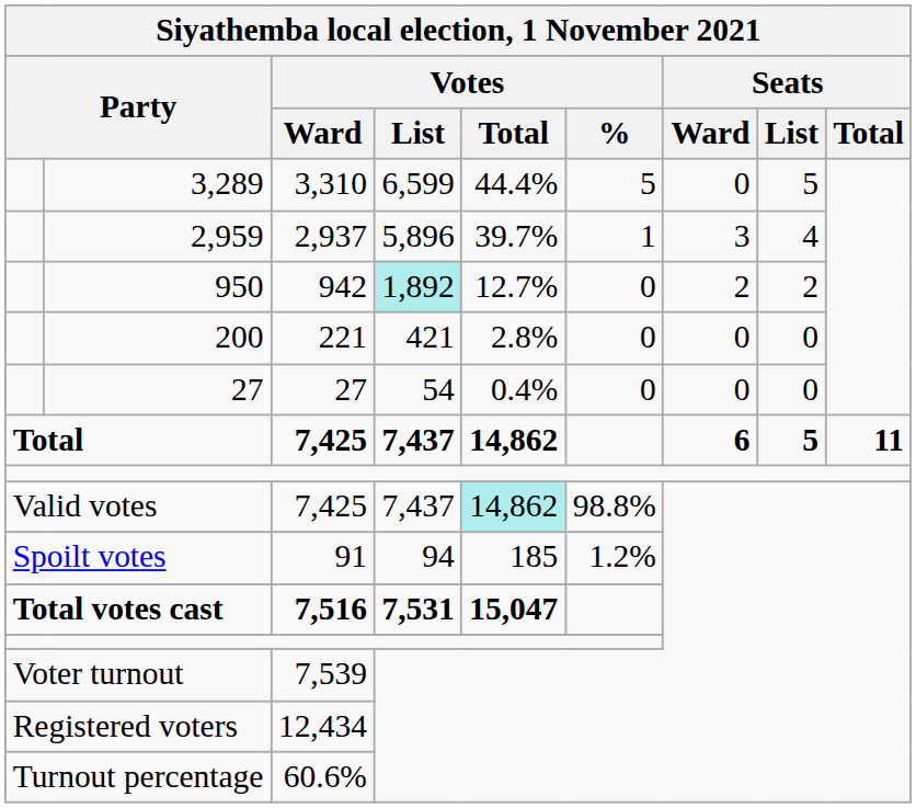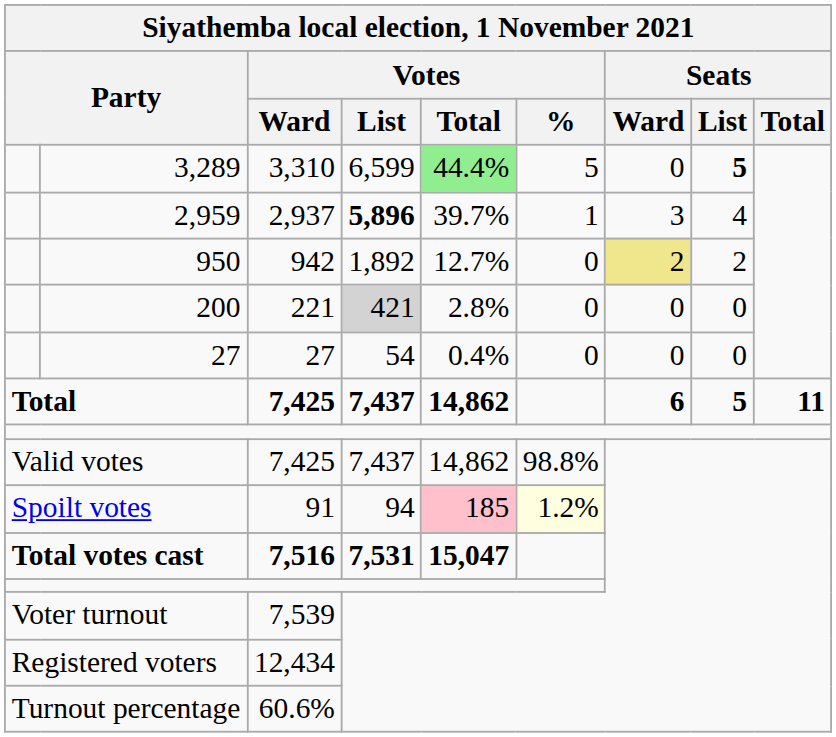 <table class=wikitable style="text-align:right">
 <tr>
 <th colspan="9" align="center">Siyathemba local election, 1 November 2021</th>
 </tr>
 <tr>
 <th rowspan="2" colspan="2">Party</th>
 <th colspan="4" align="center">Votes</th>
 <th colspan="3" align="center">Seats</th>
 </tr>
 <tr>
 <th>Ward</th>
 <th>List</th>
 <th>Total</th>
 <th>%</th>
 <th>Ward</th>
 <th>List</th>
 <th>Total</th>
 </tr>
 <tr>
 <td></td>
 <td>3,289</td>
 <td>3,310</td>
 <td>6,599</td>
-<td>44.4%</td>
+<td style="background: lightgreen;">44.4%</td>
 <td>5</td>
 <td>0</td>
-<td>5</td>
+<td><strong>5</strong></td>
 </tr>
 <tr>
 <td></td>
 <td>2,959</td>
 <td>2,937</td>
-<td>5,896</td>
+<td><strong>5,896</strong></td>
 <td>39.7%</td>
 <td>1</td>
 <td>3</td>
 <td>4</td>
 </tr>
 <tr>
 <td></td>
 <td>950</td>
 <td>942</td>
-<td style="background: paleturquoise;">1,892</td>
+<td>1,892</td>
 <td>12.7%</td>
 <td>0</td>
-<td>2</td>
+<td style="background: khaki;">2</td>
 <td>2</td>
 </tr>
 <tr>
 <td></td>
 <td>200</td>
 <td>221</td>
-<td>421</td>
+<td style="background: lightgrey;">421</td>
 <td>2.8%</td>
 <td>0</td>
 <td>0</td>
 <td>0</td>
 </tr>
 <tr>
 <td></td>
 <td>27</td>
 <td>27</td>
 <td>54</td>
 <td>0.4%</td>
 <td>0</td>
 <td>0</td>
 <td>0</td>
 </tr>
 <tr>
 <td colspan="2" style="text-align:left"><strong>Total</strong></td>
 <td><strong>7,425</strong></td>
 <td><strong>7,437</strong></td>
 <td><strong>14,862</strong></td>
 <td></td>
 <td><strong>6</strong></td>
 <td><strong>5</strong></td>
 <td><strong>11</strong></td>
 </tr>
 <tr>
 <td colspan="9"></td>
 </tr>
 <tr>
 <td colspan="2" style="text-align:left">Valid votes</td>
 <td>7,425</td>
 <td>7,437</td>
-<td style="background: paleturquoise;">14,862</td>
+<td>14,862</td>
 <td>98.8%</td>
 </tr>
 <tr>
 <td colspan="2" style="text-align:left"><a href='#'>Spoilt votes</a></td>
 <td>91</td>
 <td>94</td>
-<td>185</td>
-<td>1.2%</td>
+<td style="background: pink;">185</td>
+<td style="background: lightyellow;">1.2%</td>
 </tr>
 <tr>
 <td colspan="2" style="text-align:left"><strong>Total votes cast</strong></td>
 <td><strong>7,516</strong></td>
 <td><strong>7,531</strong></td>
 <td><strong>15,047</strong></td>
 <td></td>
 </tr>
 <tr>
 <td colspan="6"></td>
 </tr>
 <tr>
 <td colspan="2" style="text-align:left">Voter turnout</td>
 <td>7,539</td>
 </tr>
 <tr>
 <td colspan="2" style="text-align:left">Registered voters</td>
 <td>12,434</td>
 </tr>
 <tr>
 <td colspan="2" style="text-align:left">Turnout percentage</td>
 <td>60.6%</td>
 </tr>
 </table>
